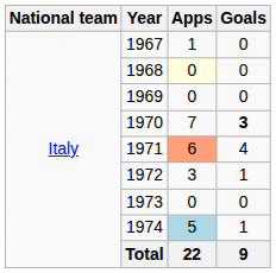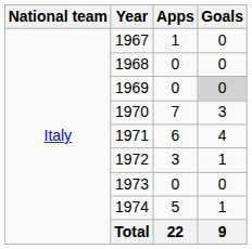 <table class="wikitable" style="text-align:center">
 <tr>
 <th>National team</th>
 <th>Year</th>
 <th width="40">Apps</th>
 <th width="40">Goals</th>
 </tr>
 <tr>
 <td rowspan="9"><a href='#'>Italy</a></td>
 <td>1967</td>
 <td>1</td>
 <td>0</td>
 </tr>
 <tr>
 <td>1968</td>
-<td style="background: lightyellow;">0</td>
+<td>0</td>
 <td>0</td>
 </tr>
 <tr>
 <td>1969</td>
 <td>0</td>
-<td>0</td>
+<td style="background: lightgrey;">0</td>
 </tr>
 <tr>
 <td>1970</td>
 <td>7</td>
-<td><strong>3</strong></td>
+<td>3</td>
 </tr>
 <tr>
 <td>1971</td>
-<td style="background: lightsalmon;">6</td>
+<td>6</td>
 <td>4</td>
 </tr>
 <tr>
 <td>1972</td>
 <td>3</td>
 <td>1</td>
 </tr>
 <tr>
 <td>1973</td>
 <td>0</td>
 <td>0</td>
 </tr>
 <tr>
 <td>1974</td>
-<td style="background: lightblue;">5</td>
+<td>5</td>
 <td>1</td>
 </tr>
 <tr>
 <th>Total</th>
 <th>22</th>
 <th>9</th>
 </tr>
 </table>
